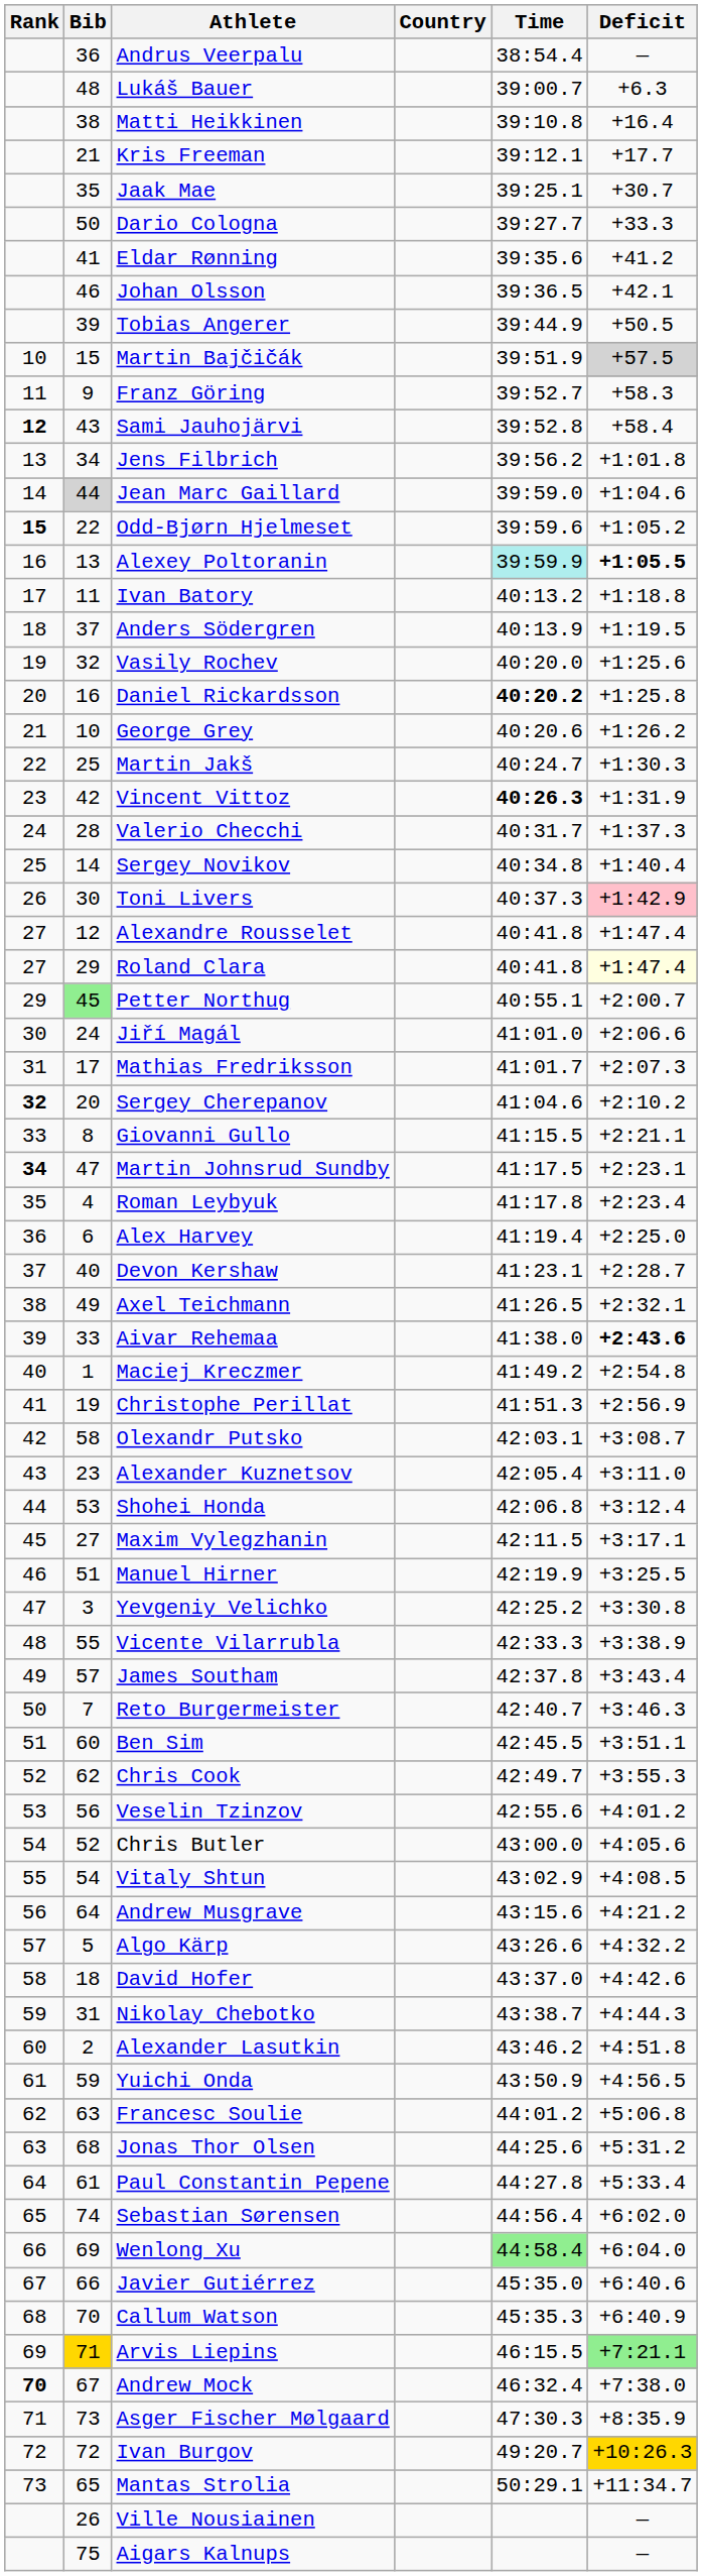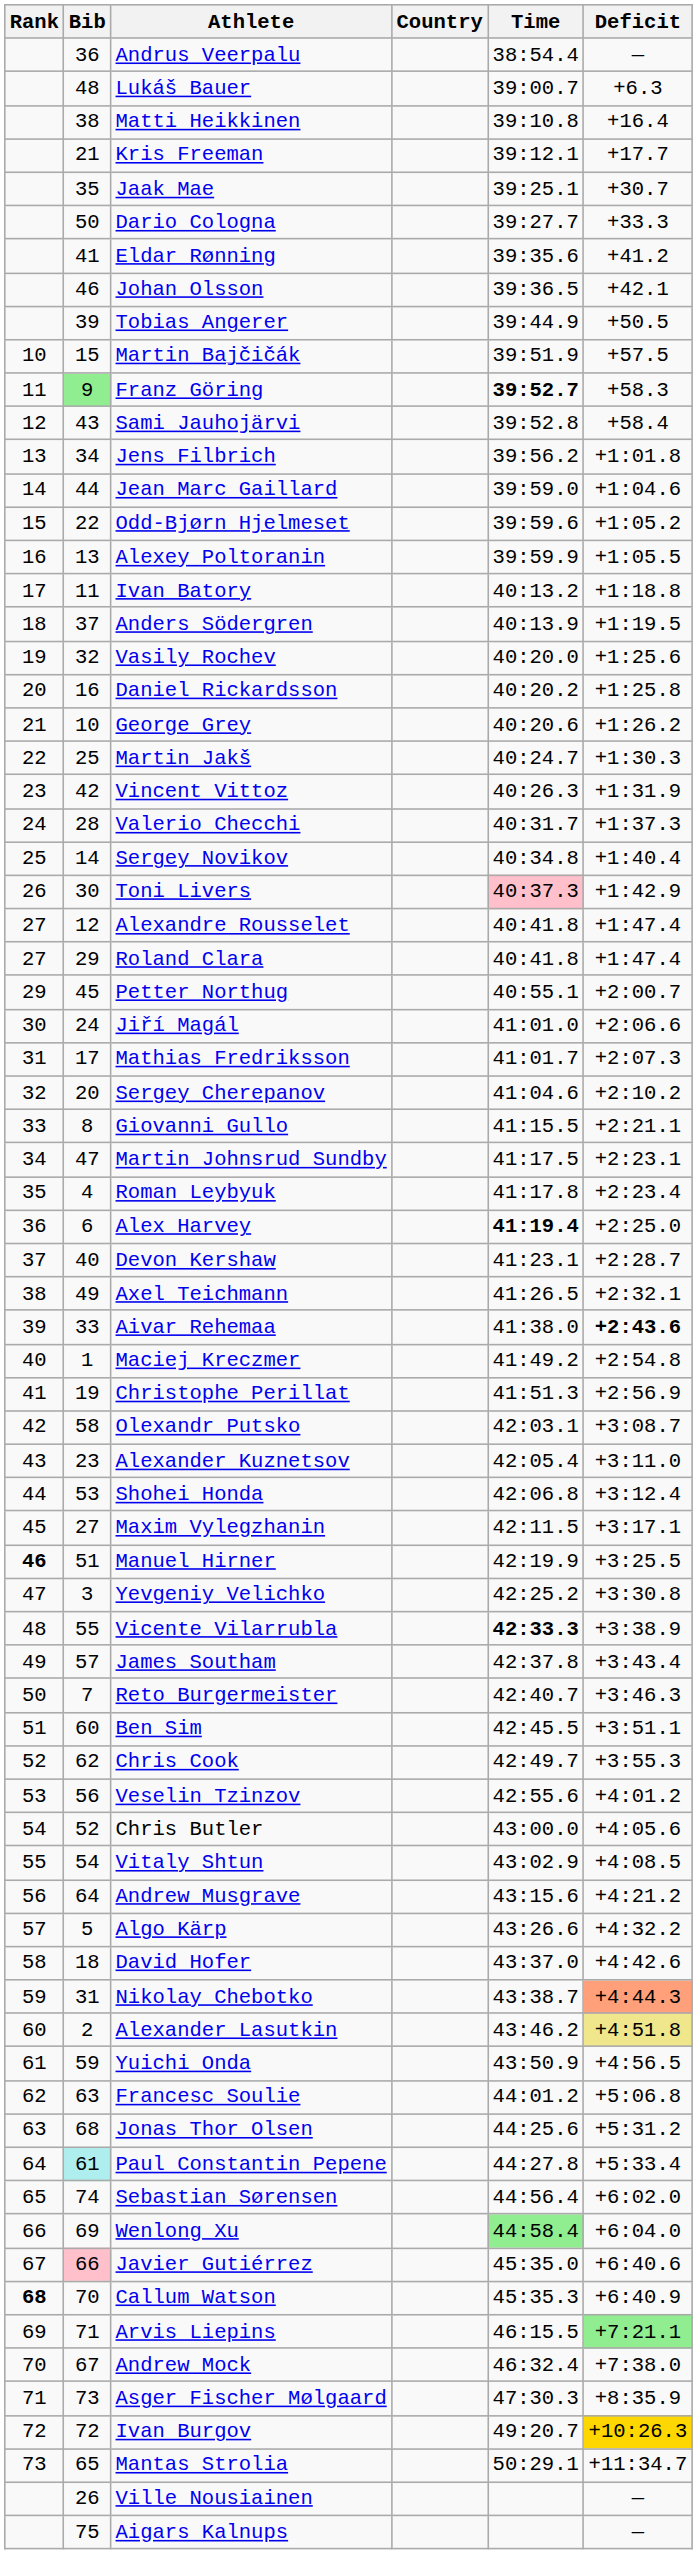 <table class="wikitable sortable" style="text-align:center">
 <tr>
 <th>Rank</th>
 <th>Bib</th>
 <th>Athlete</th>
 <th>Country</th>
 <th>Time</th>
 <th>Deficit</th>
 </tr>
 <tr>
 <td></td>
 <td>36</td>
 <td align=left><a href='#'>Andrus Veerpalu</a></td>
 <td align=left></td>
 <td>38:54.4</td>
 <td>—</td>
 </tr>
 <tr>
 <td></td>
 <td>48</td>
 <td align=left><a href='#'>Lukáš Bauer</a></td>
 <td align=left></td>
 <td>39:00.7</td>
 <td>+6.3</td>
 </tr>
 <tr>
 <td></td>
 <td>38</td>
 <td align=left><a href='#'>Matti Heikkinen</a></td>
 <td align=left></td>
 <td>39:10.8</td>
 <td>+16.4</td>
 </tr>
 <tr>
 <td></td>
 <td>21</td>
 <td align=left><a href='#'>Kris Freeman</a></td>
 <td align=left></td>
 <td>39:12.1</td>
 <td>+17.7</td>
 </tr>
 <tr>
 <td></td>
 <td>35</td>
 <td align=left><a href='#'>Jaak Mae</a></td>
 <td align=left></td>
 <td>39:25.1</td>
 <td>+30.7</td>
 </tr>
 <tr>
 <td></td>
 <td>50</td>
 <td align=left><a href='#'>Dario Cologna</a></td>
 <td align=left></td>
 <td>39:27.7</td>
 <td>+33.3</td>
 </tr>
 <tr>
 <td></td>
 <td>41</td>
 <td align=left><a href='#'>Eldar Rønning</a></td>
 <td align=left></td>
 <td>39:35.6</td>
 <td>+41.2</td>
 </tr>
 <tr>
 <td></td>
 <td>46</td>
 <td align=left><a href='#'>Johan Olsson</a></td>
 <td align=left></td>
 <td>39:36.5</td>
 <td>+42.1</td>
 </tr>
 <tr>
 <td></td>
 <td>39</td>
 <td align=left><a href='#'>Tobias Angerer</a></td>
 <td align=left></td>
 <td>39:44.9</td>
 <td>+50.5</td>
 </tr>
 <tr>
 <td>10</td>
 <td>15</td>
 <td align=left><a href='#'>Martin Bajčičák</a></td>
 <td align=left></td>
 <td>39:51.9</td>
-<td style="background: lightgrey;">+57.5</td>
+<td>+57.5</td>
 </tr>
 <tr>
 <td>11</td>
-<td>9</td>
+<td style="background: lightgreen;">9</td>
 <td align=left><a href='#'>Franz Göring</a></td>
 <td align=left></td>
-<td>39:52.7</td>
+<td><strong>39:52.7</strong></td>
 <td>+58.3</td>
 </tr>
 <tr>
-<td><strong>12</strong></td>
+<td>12</td>
 <td>43</td>
 <td align=left><a href='#'>Sami Jauhojärvi</a></td>
 <td align=left></td>
 <td>39:52.8</td>
 <td>+58.4</td>
 </tr>
 <tr>
 <td>13</td>
 <td>34</td>
 <td align=left><a href='#'>Jens Filbrich</a></td>
 <td align=left></td>
 <td>39:56.2</td>
 <td>+1:01.8</td>
 </tr>
 <tr>
 <td>14</td>
-<td style="background: lightgrey;">44</td>
+<td>44</td>
 <td align=left><a href='#'>Jean Marc Gaillard</a></td>
 <td align=left></td>
 <td>39:59.0</td>
 <td>+1:04.6</td>
 </tr>
 <tr>
-<td><strong>15</strong></td>
+<td>15</td>
 <td>22</td>
 <td align=left><a href='#'>Odd-Bjørn Hjelmeset</a></td>
 <td align=left></td>
 <td>39:59.6</td>
 <td>+1:05.2</td>
 </tr>
 <tr>
 <td>16</td>
 <td>13</td>
 <td align=left><a href='#'>Alexey Poltoranin</a></td>
 <td align=left></td>
-<td style="background: paleturquoise;">39:59.9</td>
-<td><strong>+1:05.5</strong></td>
+<td>39:59.9</td>
+<td>+1:05.5</td>
 </tr>
 <tr>
 <td>17</td>
 <td>11</td>
 <td align=left><a href='#'>Ivan Batory</a></td>
 <td align=left></td>
 <td>40:13.2</td>
 <td>+1:18.8</td>
 </tr>
 <tr>
 <td>18</td>
 <td>37</td>
 <td align=left><a href='#'>Anders Södergren</a></td>
 <td align=left></td>
 <td>40:13.9</td>
 <td>+1:19.5</td>
 </tr>
 <tr>
 <td>19</td>
 <td>32</td>
 <td align=left><a href='#'>Vasily Rochev</a></td>
 <td align=left></td>
 <td>40:20.0</td>
 <td>+1:25.6</td>
 </tr>
 <tr>
 <td>20</td>
 <td>16</td>
 <td align=left><a href='#'>Daniel Rickardsson</a></td>
 <td align=left></td>
-<td><strong>40:20.2</strong></td>
+<td>40:20.2</td>
 <td>+1:25.8</td>
 </tr>
 <tr>
 <td>21</td>
 <td>10</td>
 <td align=left><a href='#'>George Grey</a></td>
 <td align=left></td>
 <td>40:20.6</td>
 <td>+1:26.2</td>
 </tr>
 <tr>
 <td>22</td>
 <td>25</td>
 <td align=left><a href='#'>Martin Jakš</a></td>
 <td align=left></td>
 <td>40:24.7</td>
 <td>+1:30.3</td>
 </tr>
 <tr>
 <td>23</td>
 <td>42</td>
 <td align=left><a href='#'>Vincent Vittoz</a></td>
 <td align=left></td>
-<td><strong>40:26.3</strong></td>
+<td>40:26.3</td>
 <td>+1:31.9</td>
 </tr>
 <tr>
 <td>24</td>
 <td>28</td>
 <td align=left><a href='#'>Valerio Checchi</a></td>
 <td align=left></td>
 <td>40:31.7</td>
 <td>+1:37.3</td>
 </tr>
 <tr>
 <td>25</td>
 <td>14</td>
 <td align=left><a href='#'>Sergey Novikov</a></td>
 <td align=left></td>
 <td>40:34.8</td>
 <td>+1:40.4</td>
 </tr>
 <tr>
 <td>26</td>
 <td>30</td>
 <td align=left><a href='#'>Toni Livers</a></td>
 <td align=left></td>
-<td>40:37.3</td>
-<td style="background: pink;">+1:42.9</td>
+<td style="background: pink;">40:37.3</td>
+<td>+1:42.9</td>
 </tr>
 <tr>
 <td>27</td>
 <td>12</td>
 <td align=left><a href='#'>Alexandre Rousselet</a></td>
 <td align=left></td>
 <td>40:41.8</td>
 <td>+1:47.4</td>
 </tr>
 <tr>
 <td>27</td>
 <td>29</td>
 <td align=left><a href='#'>Roland Clara</a></td>
 <td align=left></td>
 <td>40:41.8</td>
-<td style="background: lightyellow;">+1:47.4</td>
+<td>+1:47.4</td>
 </tr>
 <tr>
 <td>29</td>
-<td style="background: lightgreen;">45</td>
+<td>45</td>
 <td align=left><a href='#'>Petter Northug</a></td>
 <td align=left></td>
 <td>40:55.1</td>
 <td>+2:00.7</td>
 </tr>
 <tr>
 <td>30</td>
 <td>24</td>
 <td align=left><a href='#'>Jiří Magál</a></td>
 <td align=left></td>
 <td>41:01.0</td>
 <td>+2:06.6</td>
 </tr>
 <tr>
 <td>31</td>
 <td>17</td>
 <td align=left><a href='#'>Mathias Fredriksson</a></td>
 <td align=left></td>
 <td>41:01.7</td>
 <td>+2:07.3</td>
 </tr>
 <tr>
-<td><strong>32</strong></td>
+<td>32</td>
 <td>20</td>
 <td align=left><a href='#'>Sergey Cherepanov</a></td>
 <td align=left></td>
 <td>41:04.6</td>
 <td>+2:10.2</td>
 </tr>
 <tr>
 <td>33</td>
 <td>8</td>
 <td align=left><a href='#'>Giovanni Gullo</a></td>
 <td align=left></td>
 <td>41:15.5</td>
 <td>+2:21.1</td>
 </tr>
 <tr>
-<td><strong>34</strong></td>
+<td>34</td>
 <td>47</td>
 <td align=left><a href='#'>Martin Johnsrud Sundby</a></td>
 <td align=left></td>
 <td>41:17.5</td>
 <td>+2:23.1</td>
 </tr>
 <tr>
 <td>35</td>
 <td>4</td>
 <td align=left><a href='#'>Roman Leybyuk</a></td>
 <td align=left></td>
 <td>41:17.8</td>
 <td>+2:23.4</td>
 </tr>
 <tr>
 <td>36</td>
 <td>6</td>
 <td align=left><a href='#'>Alex Harvey</a></td>
 <td align=left></td>
-<td>41:19.4</td>
+<td><strong>41:19.4</strong></td>
 <td>+2:25.0</td>
 </tr>
 <tr>
 <td>37</td>
 <td>40</td>
 <td align=left><a href='#'>Devon Kershaw</a></td>
 <td align=left></td>
 <td>41:23.1</td>
 <td>+2:28.7</td>
 </tr>
 <tr>
 <td>38</td>
 <td>49</td>
 <td align=left><a href='#'>Axel Teichmann</a></td>
 <td align=left></td>
 <td>41:26.5</td>
 <td>+2:32.1</td>
 </tr>
 <tr>
 <td>39</td>
 <td>33</td>
 <td align=left><a href='#'>Aivar Rehemaa</a></td>
 <td align=left></td>
 <td>41:38.0</td>
 <td><strong>+2:43.6</strong></td>
 </tr>
 <tr>
 <td>40</td>
 <td>1</td>
 <td align=left><a href='#'>Maciej Kreczmer</a></td>
 <td align=left></td>
 <td>41:49.2</td>
 <td>+2:54.8</td>
 </tr>
 <tr>
 <td>41</td>
 <td>19</td>
 <td align=left><a href='#'>Christophe Perillat</a></td>
 <td align=left></td>
 <td>41:51.3</td>
 <td>+2:56.9</td>
 </tr>
 <tr>
 <td>42</td>
 <td>58</td>
 <td align=left><a href='#'>Olexandr Putsko</a></td>
 <td align=left></td>
 <td>42:03.1</td>
 <td>+3:08.7</td>
 </tr>
 <tr>
 <td>43</td>
 <td>23</td>
 <td align=left><a href='#'>Alexander Kuznetsov</a></td>
 <td align=left></td>
 <td>42:05.4</td>
 <td>+3:11.0</td>
 </tr>
 <tr>
 <td>44</td>
 <td>53</td>
 <td align=left><a href='#'>Shohei Honda</a></td>
 <td align=left></td>
 <td>42:06.8</td>
 <td>+3:12.4</td>
 </tr>
 <tr>
 <td>45</td>
 <td>27</td>
 <td align=left><a href='#'>Maxim Vylegzhanin</a></td>
 <td align=left></td>
 <td>42:11.5</td>
 <td>+3:17.1</td>
 </tr>
 <tr>
-<td>46</td>
+<td><strong>46</strong></td>
 <td>51</td>
 <td align=left><a href='#'>Manuel Hirner</a></td>
 <td align=left></td>
 <td>42:19.9</td>
 <td>+3:25.5</td>
 </tr>
 <tr>
 <td>47</td>
 <td>3</td>
 <td align=left><a href='#'>Yevgeniy Velichko</a></td>
 <td align=left></td>
 <td>42:25.2</td>
 <td>+3:30.8</td>
 </tr>
 <tr>
 <td>48</td>
 <td>55</td>
 <td align=left><a href='#'>Vicente Vilarrubla</a></td>
 <td align=left></td>
-<td>42:33.3</td>
+<td><strong>42:33.3</strong></td>
 <td>+3:38.9</td>
 </tr>
 <tr>
 <td>49</td>
 <td>57</td>
 <td align=left><a href='#'>James Southam</a></td>
 <td align=left></td>
 <td>42:37.8</td>
 <td>+3:43.4</td>
 </tr>
 <tr>
 <td>50</td>
 <td>7</td>
 <td align=left><a href='#'>Reto Burgermeister</a></td>
 <td align=left></td>
 <td>42:40.7</td>
 <td>+3:46.3</td>
 </tr>
 <tr>
 <td>51</td>
 <td>60</td>
 <td align=left><a href='#'>Ben Sim</a></td>
 <td align=left></td>
 <td>42:45.5</td>
 <td>+3:51.1</td>
 </tr>
 <tr>
 <td>52</td>
 <td>62</td>
 <td align=left><a href='#'>Chris Cook</a></td>
 <td align=left></td>
 <td>42:49.7</td>
 <td>+3:55.3</td>
 </tr>
 <tr>
 <td>53</td>
 <td>56</td>
 <td align=left><a href='#'>Veselin Tzinzov</a></td>
 <td align=left></td>
 <td>42:55.6</td>
 <td>+4:01.2</td>
 </tr>
 <tr>
 <td>54</td>
 <td>52</td>
 <td align=left>Chris Butler</td>
 <td align=left></td>
 <td>43:00.0</td>
 <td>+4:05.6</td>
 </tr>
 <tr>
 <td>55</td>
 <td>54</td>
 <td align=left><a href='#'>Vitaly Shtun</a></td>
 <td align=left></td>
 <td>43:02.9</td>
 <td>+4:08.5</td>
 </tr>
 <tr>
 <td>56</td>
 <td>64</td>
 <td align=left><a href='#'>Andrew Musgrave</a></td>
 <td align=left></td>
 <td>43:15.6</td>
 <td>+4:21.2</td>
 </tr>
 <tr>
 <td>57</td>
 <td>5</td>
 <td align=left><a href='#'>Algo Kärp</a></td>
 <td align=left></td>
 <td>43:26.6</td>
 <td>+4:32.2</td>
 </tr>
 <tr>
 <td>58</td>
 <td>18</td>
 <td align=left><a href='#'>David Hofer</a></td>
 <td align=left></td>
 <td>43:37.0</td>
 <td>+4:42.6</td>
 </tr>
 <tr>
 <td>59</td>
 <td>31</td>
 <td align=left><a href='#'>Nikolay Chebotko</a></td>
 <td align=left></td>
 <td>43:38.7</td>
-<td>+4:44.3</td>
+<td style="background: lightsalmon;">+4:44.3</td>
 </tr>
 <tr>
 <td>60</td>
 <td>2</td>
 <td align=left><a href='#'>Alexander Lasutkin</a></td>
 <td align=left></td>
 <td>43:46.2</td>
-<td>+4:51.8</td>
+<td style="background: khaki;">+4:51.8</td>
 </tr>
 <tr>
 <td>61</td>
 <td>59</td>
 <td align=left><a href='#'>Yuichi Onda</a></td>
 <td align=left></td>
 <td>43:50.9</td>
 <td>+4:56.5</td>
 </tr>
 <tr>
 <td>62</td>
 <td>63</td>
 <td align=left><a href='#'>Francesc Soulie</a></td>
 <td align=left></td>
 <td>44:01.2</td>
 <td>+5:06.8</td>
 </tr>
 <tr>
 <td>63</td>
 <td>68</td>
 <td align=left><a href='#'>Jonas Thor Olsen</a></td>
 <td align=left></td>
 <td>44:25.6</td>
 <td>+5:31.2</td>
 </tr>
 <tr>
 <td>64</td>
-<td>61</td>
+<td style="background: paleturquoise;">61</td>
 <td align=left><a href='#'>Paul Constantin Pepene</a></td>
 <td align=left></td>
 <td>44:27.8</td>
 <td>+5:33.4</td>
 </tr>
 <tr>
 <td>65</td>
 <td>74</td>
 <td align=left><a href='#'>Sebastian Sørensen</a></td>
 <td align=left></td>
 <td>44:56.4</td>
 <td>+6:02.0</td>
 </tr>
 <tr>
 <td>66</td>
 <td>69</td>
 <td align=left><a href='#'>Wenlong Xu</a></td>
 <td align=left></td>
 <td style="background: lightgreen;">44:58.4</td>
 <td>+6:04.0</td>
 </tr>
 <tr>
 <td>67</td>
-<td>66</td>
+<td style="background: pink;">66</td>
 <td align=left><a href='#'>Javier Gutiérrez</a></td>
 <td align=left></td>
 <td>45:35.0</td>
 <td>+6:40.6</td>
 </tr>
 <tr>
-<td>68</td>
+<td><strong>68</strong></td>
 <td>70</td>
 <td align=left><a href='#'>Callum Watson</a></td>
 <td align=left></td>
 <td>45:35.3</td>
 <td>+6:40.9</td>
 </tr>
 <tr>
 <td>69</td>
-<td style="background: gold;">71</td>
+<td>71</td>
 <td align=left><a href='#'>Arvis Liepins</a></td>
 <td align=left></td>
 <td>46:15.5</td>
 <td style="background: lightgreen;">+7:21.1</td>
 </tr>
 <tr>
-<td><strong>70</strong></td>
+<td>70</td>
 <td>67</td>
 <td align=left><a href='#'>Andrew Mock</a></td>
 <td align=left></td>
 <td>46:32.4</td>
 <td>+7:38.0</td>
 </tr>
 <tr>
 <td>71</td>
 <td>73</td>
 <td align=left><a href='#'>Asger Fischer Mølgaard</a></td>
 <td align=left></td>
 <td>47:30.3</td>
 <td>+8:35.9</td>
 </tr>
 <tr>
 <td>72</td>
 <td>72</td>
 <td align=left><a href='#'>Ivan Burgov</a></td>
 <td align=left></td>
 <td>49:20.7</td>
 <td style="background: gold;">+10:26.3</td>
 </tr>
 <tr>
 <td>73</td>
 <td>65</td>
 <td align=left><a href='#'>Mantas Strolia</a></td>
 <td align=left></td>
 <td>50:29.1</td>
 <td>+11:34.7</td>
 </tr>
 <tr>
 <td></td>
 <td>26</td>
 <td align=left><a href='#'>Ville Nousiainen</a></td>
 <td align=left></td>
 <td></td>
 <td>—</td>
 </tr>
 <tr>
 <td></td>
 <td>75</td>
 <td align=left><a href='#'>Aigars Kalnups</a></td>
 <td align=left></td>
 <td></td>
 <td>—</td>
 </tr>
 </table>
